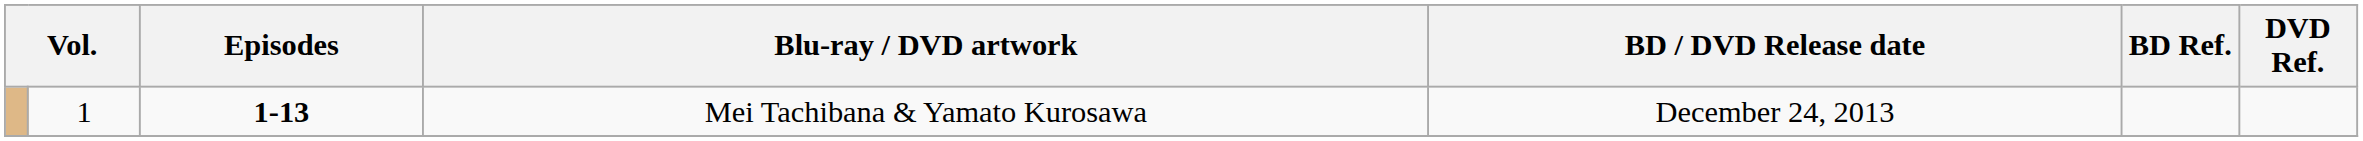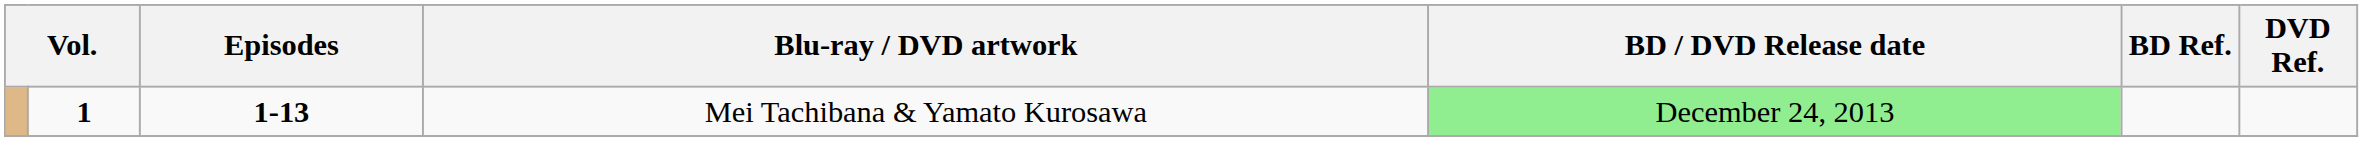 <table class="wikitable" style="text-align: center; width: 98%;">
 <tr>
 <th colspan="2">Vol.</th>
 <th>Episodes</th>
 <th>Blu-ray / DVD artwork</th>
 <th>BD / DVD Release date</th>
 <th width="5%">BD Ref.</th>
 <th width="5%">DVD Ref.</th>
 </tr>
 <tr>
 <td width="1%" style="background: BurlyWood;"></td>
-<td>1</td>
+<td><strong>1</strong></td>
 <td><strong>1-13</strong></td>
 <td>Mei Tachibana & Yamato Kurosawa</td>
-<td>December 24, 2013</td>
+<td style="background: lightgreen;">December 24, 2013</td>
 <td></td>
 <td></td>
 </tr>
 <tr>
 </tr>
 </table>
